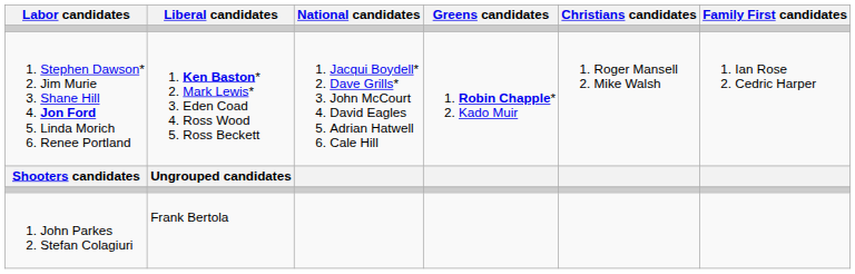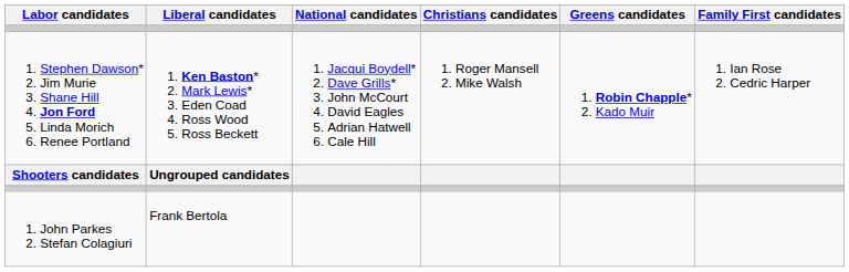 <table class="wikitable">
 <tr>
 <th><a href='#'>Labor</a> candidates</th>
 <th><a href='#'>Liberal</a> candidates</th>
 <th><a href='#'>National</a> candidates</th>
+<th><a href='#'>Christians</a> candidates</th>
 <th><a href='#'>Greens</a> candidates</th>
-<th><a href='#'>Christians</a> candidates</th>
 <th><a href='#'>Family First</a> candidates</th>
 </tr>
 <tr bgcolor="#cccccc">
 <td></td>
 <td></td>
 <td></td>
 <td></td>
 <td></td>
 <td></td>
 </tr>
 <tr>
 <td><br><ol><li><a href='#'>Stephen Dawson</a>*</li><li>Jim Murie</li><li><a href='#'>Shane Hill</a></li><li><strong><a href='#'>Jon Ford</a></strong></li><li>Linda Morich</li><li>Renee Portland</li></ol></td>
 <td><br><ol><li><strong><a href='#'>Ken Baston</a></strong>*</li><li><a href='#'>Mark Lewis</a>*</li><li>Eden Coad</li><li>Ross Wood</li><li>Ross Beckett</li></ol></td>
 <td><br><ol><li><a href='#'>Jacqui Boydell</a>*</li><li><a href='#'>Dave Grills</a>*</li><li>John McCourt</li><li>David Eagles</li><li>Adrian Hatwell</li><li>Cale Hill</li></ol></td>
+<td valign=top><br><ol><li>Roger Mansell</li><li>Mike Walsh</li></ol></td>
 <td><br><ol><li><strong><a href='#'>Robin Chapple</a></strong>*</li><li><a href='#'>Kado Muir</a></li></ol></td>
-<td valign=top><br><ol><li>Roger Mansell</li><li>Mike Walsh</li></ol></td>
 <td valign=top><br><ol><li>Ian Rose</li><li>Cedric Harper</li></ol></td>
 </tr>
 <tr bgcolor="#cccccc">
 <th><a href='#'>Shooters</a> candidates</th>
 <th>Ungrouped candidates</th>
 <th></th>
 <th></th>
 <th></th>
 <th></th>
 </tr>
 <tr bgcolor="#cccccc">
 <td></td>
 <td></td>
 <td></td>
 <td></td>
 <td></td>
 <td></td>
 </tr>
 <tr>
 <td valign=top><br><ol><li>John Parkes</li><li>Stefan Colagiuri</li></ol></td>
 <td valign=top><br>Frank Bertola</td>
 <td valign=top></td>
 <td valign=top></td>
 <td valign=top></td>
 <td valign=top></td>
 </tr>
 </table>
